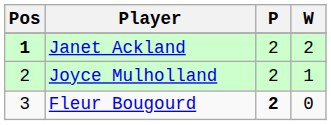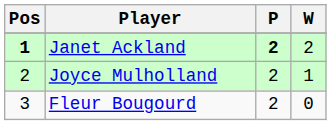 <table class="wikitable">
 <tr>
 <th width=20>Pos</th>
 <th width=150>Player</th>
 <th width=20>P</th>
 <th width=20>W</th>
 </tr>
 <tr>
 </tr>
 <tr align=center style="background: #ccffcc;">
 <td><strong>1</strong></td>
 <td align="left"> <a href='#'>Janet Ackland</a></td>
-<td>2</td>
+<td><strong>2</strong></td>
 <td>2</td>
 </tr>
 <tr align=center style="background: #ccffcc;">
 <td>2</td>
 <td align="left"> <a href='#'>Joyce Mulholland</a></td>
 <td>2</td>
 <td>1</td>
 </tr>
 <tr align=center>
 <td>3</td>
 <td align="left"> <a href='#'>Fleur Bougourd</a></td>
-<td><strong>2</strong></td>
+<td>2</td>
 <td>0</td>
 </tr>
 </table>
